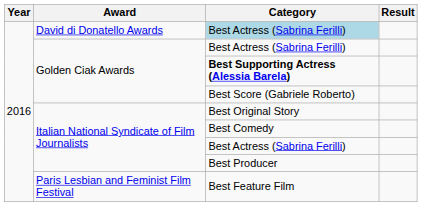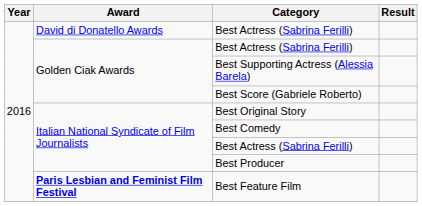 <table class="wikitable">
 <tr>
 <th>Year</th>
 <th>Award</th>
 <th>Category</th>
 <th>Result</th>
 </tr>
 <tr>
 <td rowspan="9">2016</td>
 <td><a href='#'>David di Donatello Awards</a></td>
-<td style="background: lightblue;">Best Actress (<a href='#'>Sabrina Ferilli</a>)</td>
+<td>Best Actress (<a href='#'>Sabrina Ferilli</a>)</td>
 <td></td>
 </tr>
 <tr>
 <td rowspan="3">Golden Ciak Awards</td>
 <td>Best Actress (<a href='#'>Sabrina Ferilli</a>)</td>
 <td></td>
 </tr>
 <tr>
-<td><strong>Best Supporting Actress (<a href='#'>Alessia Barela</a>)</strong></td>
+<td>Best Supporting Actress (<a href='#'>Alessia Barela</a>)</td>
 <td></td>
 </tr>
 <tr>
 <td>Best Score (Gabriele Roberto)</td>
 <td></td>
 </tr>
 <tr>
 <td rowspan="4"><a href='#'>Italian National Syndicate of Film Journalists</a></td>
 <td>Best Original Story</td>
 <td></td>
 </tr>
 <tr>
 <td>Best Comedy</td>
 <td></td>
 </tr>
 <tr>
 <td>Best Actress (<a href='#'>Sabrina Ferilli</a>)</td>
 <td></td>
 </tr>
 <tr>
 <td>Best Producer</td>
 <td></td>
 </tr>
 <tr>
-<td><a href='#'>Paris Lesbian and Feminist Film Festival</a></td>
+<td><strong><a href='#'>Paris Lesbian and Feminist Film Festival</a></strong></td>
 <td>Best Feature Film</td>
 <td></td>
 </tr>
 </table>
